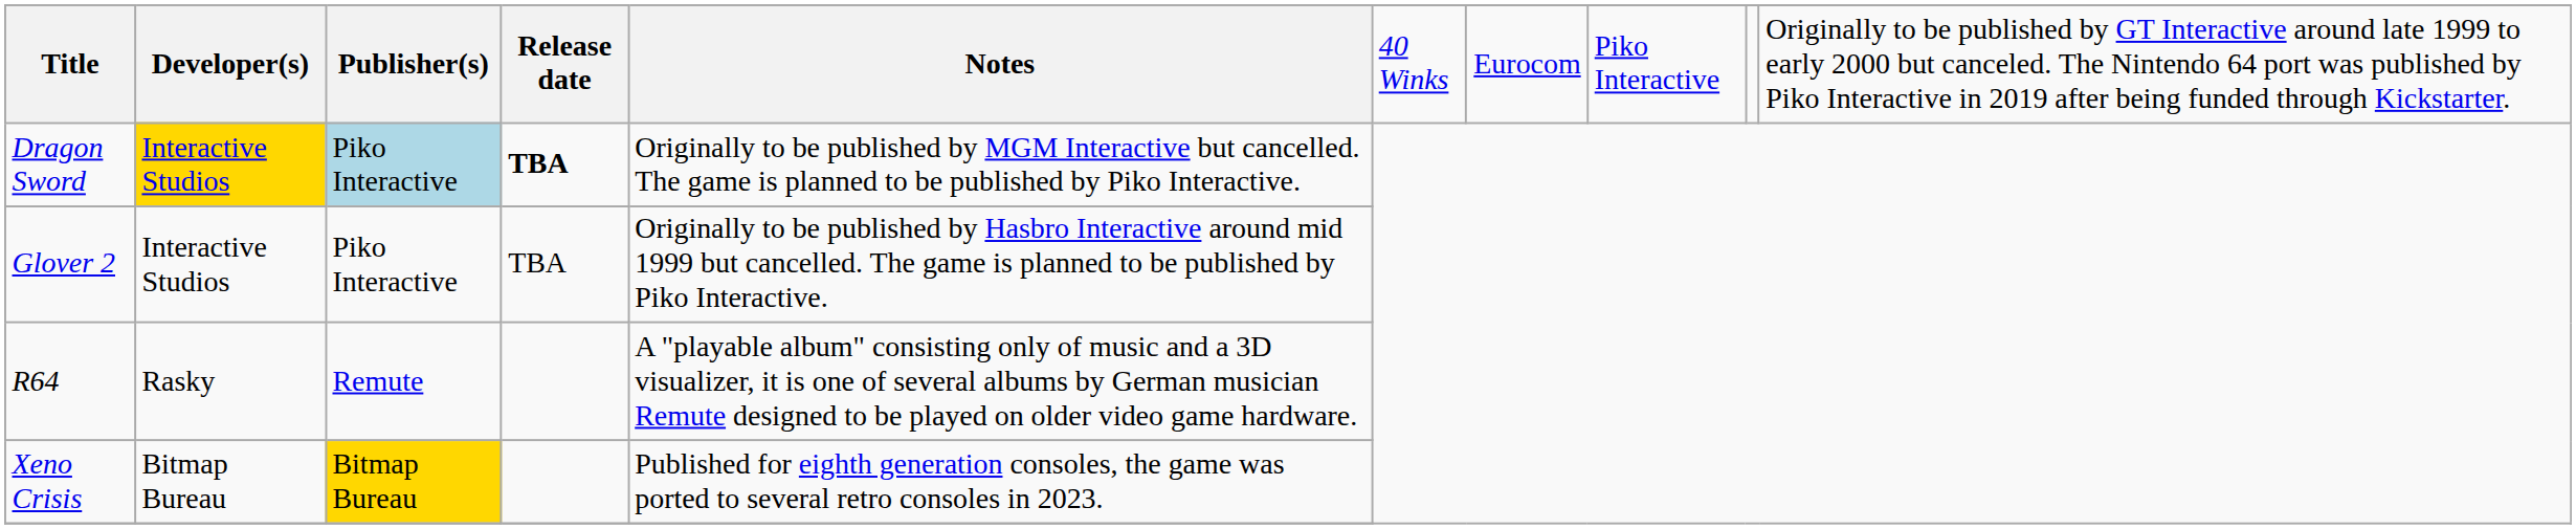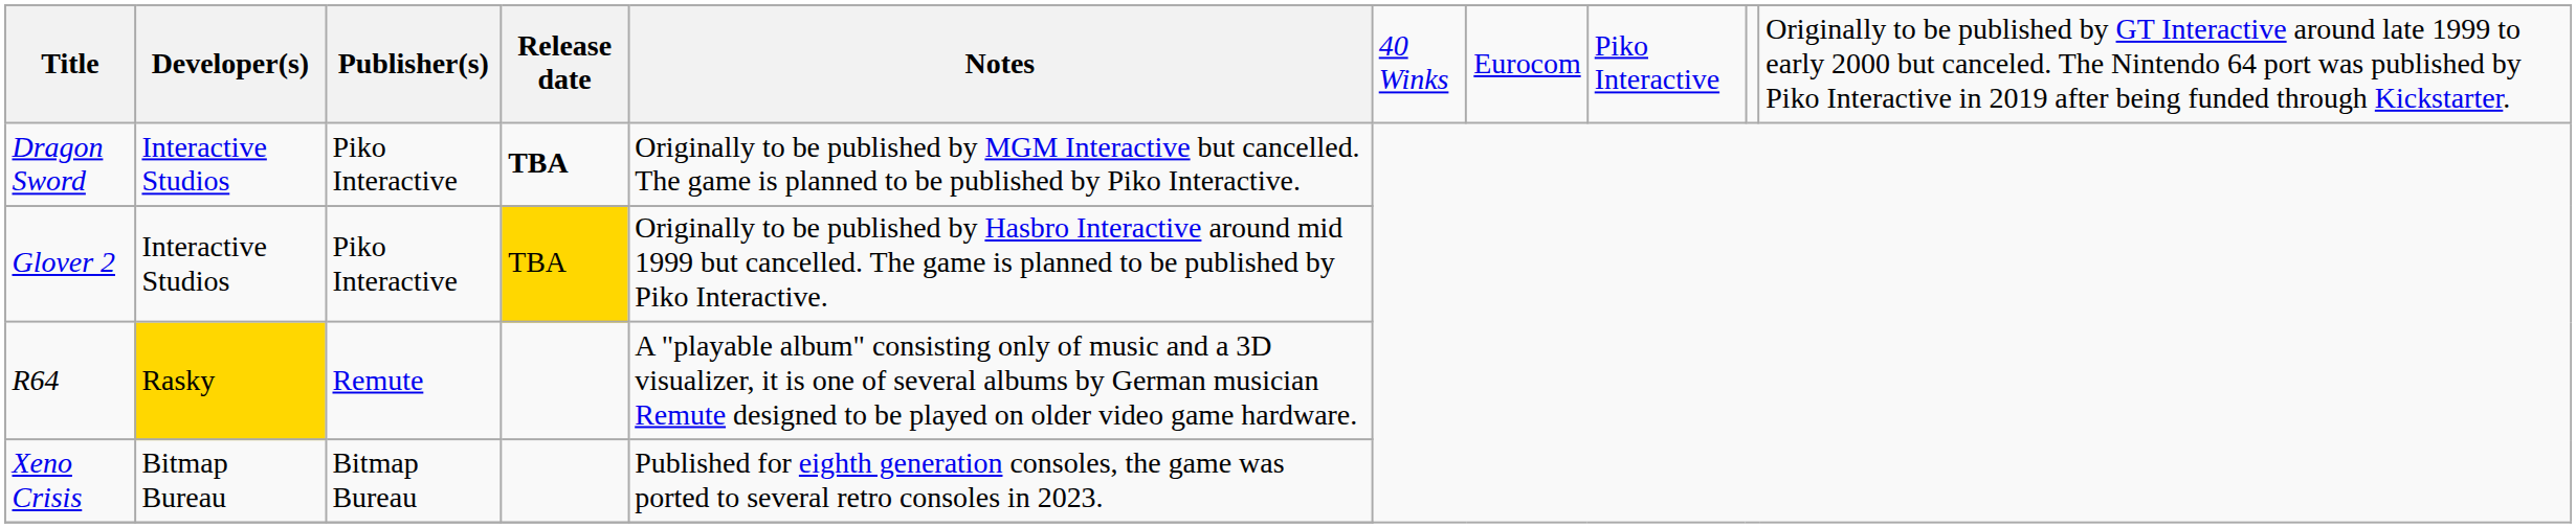 <table class="wikitable sortable" id="softwarelist" style="width:100%; font-size:90%;">
 <tr>
 <th rowspan="2">Title</th>
 <th rowspan="2">Developer(s)</th>
 <th rowspan="2">Publisher(s)</th>
 <th rowspan="2">Release date</th>
 <th rowspan="2">Notes</th>
 </tr>
 <tr>
 <td><em><a href='#'>40 Winks</a></em></td>
 <td><a href='#'>Eurocom</a></td>
 <td><a href='#'>Piko Interactive</a></td>
 <td></td>
 <td>Originally to be published by <a href='#'>GT Interactive</a> around late 1999 to early 2000 but canceled. The Nintendo 64 port was published by Piko Interactive in 2019 after being funded through <a href='#'>Kickstarter</a>.</td>
 </tr>
 <tr>
 <td><em><a href='#'>Dragon Sword</a></em></td>
-<td style="background: gold;"><a href='#'>Interactive Studios</a></td>
-<td style="background: lightblue;">Piko Interactive</td>
+<td><a href='#'>Interactive Studios</a></td>
+<td>Piko Interactive</td>
 <td><strong>TBA</strong></td>
 <td>Originally to be published by <a href='#'>MGM Interactive</a> but cancelled. The game is planned to be published by Piko Interactive.</td>
 </tr>
 <tr>
 <td><em><a href='#'>Glover 2</a></em></td>
 <td>Interactive Studios</td>
 <td>Piko Interactive</td>
-<td>TBA</td>
+<td style="background: gold;">TBA</td>
 <td>Originally to be published by <a href='#'>Hasbro Interactive</a> around mid 1999 but cancelled. The game is planned to be published by Piko Interactive.</td>
 </tr>
 <tr>
 <td><em>R64</em></td>
-<td>Rasky</td>
+<td style="background: gold;">Rasky</td>
 <td><a href='#'>Remute</a></td>
 <td></td>
 <td>A "playable album" consisting only of music and a 3D visualizer, it is one of several albums by German musician <a href='#'>Remute</a> designed to be played on older video game hardware.</td>
 </tr>
 <tr>
 <td><em><a href='#'>Xeno Crisis</a></em></td>
 <td>Bitmap Bureau</td>
-<td style="background: gold;">Bitmap Bureau</td>
+<td>Bitmap Bureau</td>
 <td></td>
 <td>Published for <a href='#'>eighth generation</a> consoles, the game was ported to several retro consoles in 2023.</td>
 </tr>
 <tr>
 </tr>
 </table>
